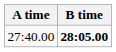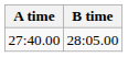 <table class="wikitable" border="1" align="upright">
 <tr>
 <th>A time</th>
 <th>B time</th>
 </tr>
 <tr>
 <td>27:40.00</td>
-<td><strong>28:05.00</strong></td>
+<td>28:05.00</td>
 </tr>
 </table>
